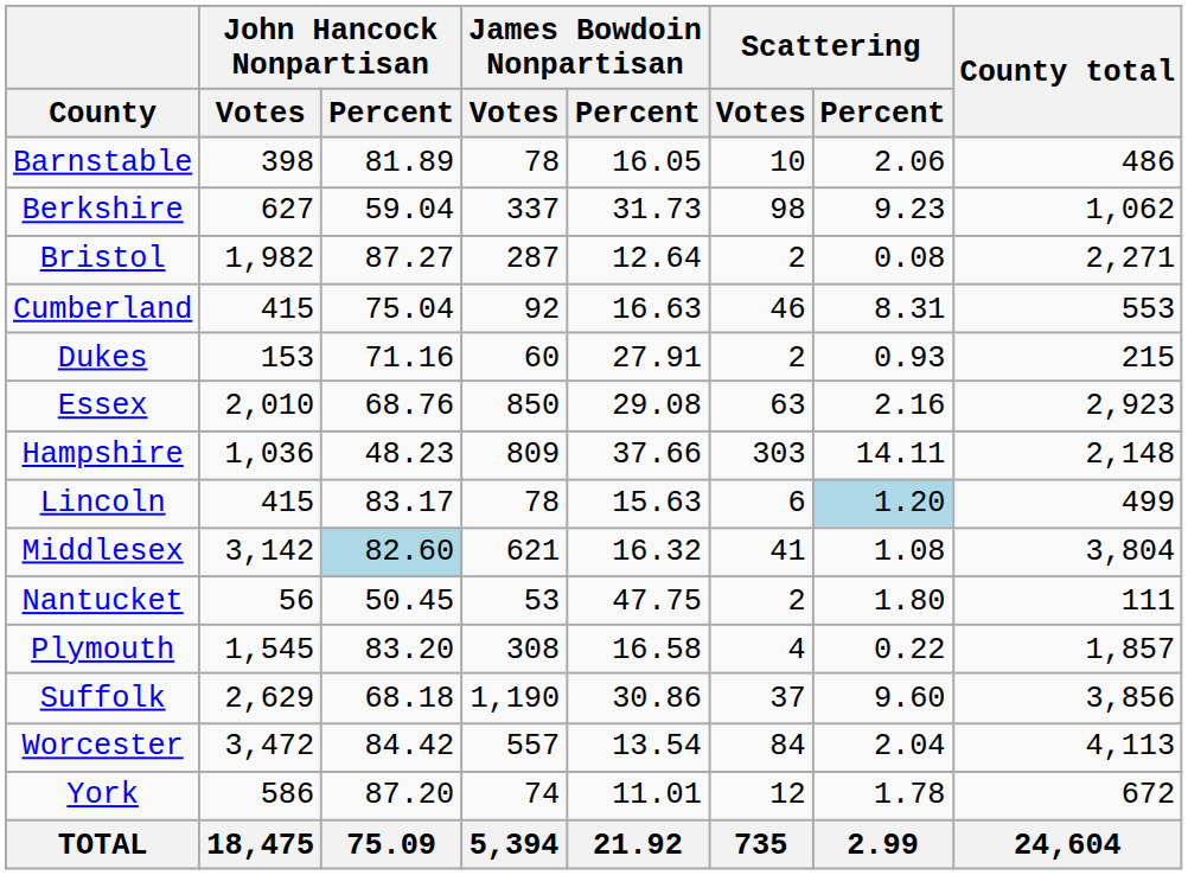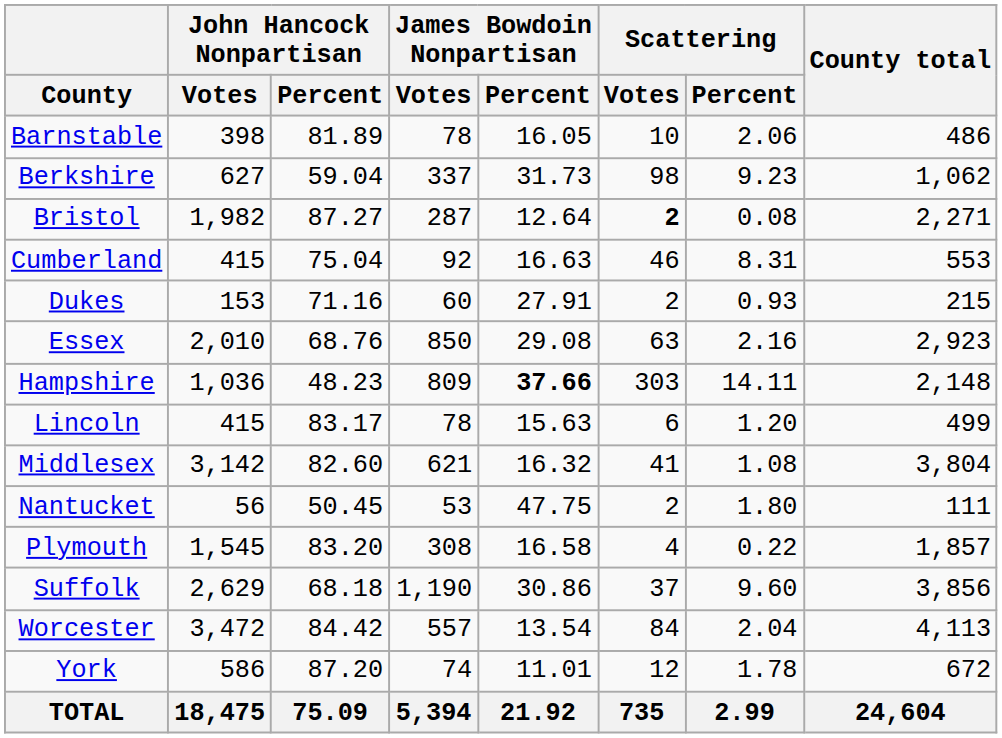 <table class="wikitable sortable" style="text-align:right">
 <tr>
 <th></th>
 <th align=center colspan=2>John Hancock<br>Nonpartisan</th>
 <th align=center colspan=2>James Bowdoin<br>Nonpartisan</th>
 <th align=center colspan=2>Scattering</th>
 <th align=center rowspan=2>County total</th>
 </tr>
 <tr>
 <th align=center>County</th>
 <th align=center>Votes</th>
 <th align=center>Percent</th>
 <th align=center>Votes</th>
 <th align=center>Percent</th>
 <th align=center>Votes</th>
 <th align=center>Percent</th>
 </tr>
 <tr>
 <td align=center><a href='#'>Barnstable</a></td>
 <td align=right>398</td>
 <td align=right>81.89</td>
 <td align=right>78</td>
 <td align=right>16.05</td>
 <td align=right>10</td>
 <td align=right>2.06</td>
 <td align=right>486</td>
 </tr>
 <tr>
 <td align=center><a href='#'>Berkshire</a></td>
 <td align=right>627</td>
 <td align=right>59.04</td>
 <td align=right>337</td>
 <td align=right>31.73</td>
 <td align=right>98</td>
 <td align=right>9.23</td>
 <td align=right>1,062</td>
 </tr>
 <tr>
 <td align=center><a href='#'>Bristol</a></td>
 <td align=right>1,982</td>
 <td align=right>87.27</td>
 <td align=right>287</td>
 <td align=right>12.64</td>
-<td align=right>2</td>
+<td align=right><strong>2</strong></td>
 <td align=right>0.08</td>
 <td align=right>2,271</td>
 </tr>
 <tr>
 <td align=center><a href='#'>Cumberland</a></td>
 <td align=right>415</td>
 <td align=right>75.04</td>
 <td align=right>92</td>
 <td align=right>16.63</td>
 <td align=right>46</td>
 <td align=right>8.31</td>
 <td align=right>553</td>
 </tr>
 <tr>
 <td align=center><a href='#'>Dukes</a></td>
 <td align=right>153</td>
 <td align=right>71.16</td>
 <td align=right>60</td>
 <td align=right>27.91</td>
 <td align=right>2</td>
 <td align=right>0.93</td>
 <td align=right>215</td>
 </tr>
 <tr>
 <td align=center><a href='#'>Essex</a></td>
 <td align=right>2,010</td>
 <td align=right>68.76</td>
 <td align=right>850</td>
 <td align=right>29.08</td>
 <td align=right>63</td>
 <td align=right>2.16</td>
 <td align=right>2,923</td>
 </tr>
 <tr>
 <td align=center><a href='#'>Hampshire</a></td>
 <td align=right>1,036</td>
 <td align=right>48.23</td>
 <td align=right>809</td>
-<td align=right>37.66</td>
+<td align=right><strong>37.66</strong></td>
 <td align=right>303</td>
 <td align=right>14.11</td>
 <td align=right>2,148</td>
 </tr>
 <tr>
 <td align=center><a href='#'>Lincoln</a></td>
 <td align=right>415</td>
 <td align=right>83.17</td>
 <td align=right>78</td>
 <td align=right>15.63</td>
 <td align=right>6</td>
-<td align=right style="background: lightblue;">1.20</td>
+<td align=right>1.20</td>
 <td align=right>499</td>
 </tr>
 <tr>
 <td align=center><a href='#'>Middlesex</a></td>
 <td align=right>3,142</td>
-<td align=right style="background: lightblue;">82.60</td>
+<td align=right>82.60</td>
 <td align=right>621</td>
 <td align=right>16.32</td>
 <td align=right>41</td>
 <td align=right>1.08</td>
 <td align=right>3,804</td>
 </tr>
 <tr>
 <td align=center><a href='#'>Nantucket</a></td>
 <td align=right>56</td>
 <td align=right>50.45</td>
 <td align=right>53</td>
 <td align=right>47.75</td>
 <td align=right>2</td>
 <td align=right>1.80</td>
 <td align=right>111</td>
 </tr>
 <tr>
 <td align=center><a href='#'>Plymouth</a></td>
 <td align=right>1,545</td>
 <td align=right>83.20</td>
 <td align=right>308</td>
 <td align=right>16.58</td>
 <td align=right>4</td>
 <td align=right>0.22</td>
 <td align=right>1,857</td>
 </tr>
 <tr>
 <td align=center><a href='#'>Suffolk</a></td>
 <td align=right>2,629</td>
 <td align=right>68.18</td>
 <td align=right>1,190</td>
 <td align=right>30.86</td>
 <td align=right>37</td>
 <td align=right>9.60</td>
 <td align=right>3,856</td>
 </tr>
 <tr>
 <td align=center><a href='#'>Worcester</a></td>
 <td align=right>3,472</td>
 <td align=right>84.42</td>
 <td align=right>557</td>
 <td align=right>13.54</td>
 <td align=right>84</td>
 <td align=right>2.04</td>
 <td align=right>4,113</td>
 </tr>
 <tr>
 <td align=center><a href='#'>York</a></td>
 <td align=right>586</td>
 <td align=right>87.20</td>
 <td align=right>74</td>
 <td align=right>11.01</td>
 <td align=right>12</td>
 <td align=right>1.78</td>
 <td align=right>672</td>
 </tr>
 <tr>
 <th>TOTAL</th>
 <th>18,475</th>
 <th>75.09</th>
 <th>5,394</th>
 <th>21.92</th>
 <th>735</th>
 <th>2.99</th>
 <th>24,604</th>
 </tr>
 </table>
